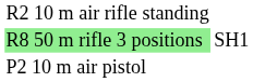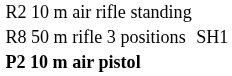 <table>
 <tr>
 <td nowrap>R2 10 m air rifle standing<br></td>
 <td rowspan=3>SH1</td>
 <td></td>
 <td></td>
 <td></td>
 </tr>
 <tr>
-<td style="background: lightgreen;">R8 50 m rifle 3 positions<br></td>
+<td>R8 50 m rifle 3 positions<br></td>
 <td></td>
 <td></td>
 <td></td>
 </tr>
 <tr>
-<td>P2 10 m air pistol<br></td>
+<td><strong>P2 10 m air pistol<br></strong></td>
 <td></td>
 <td></td>
 <td></td>
 </tr>
 </table>
